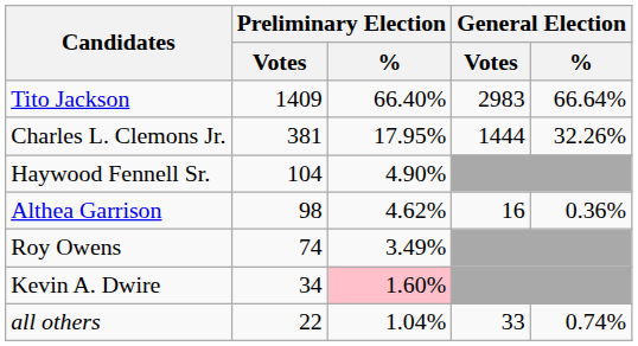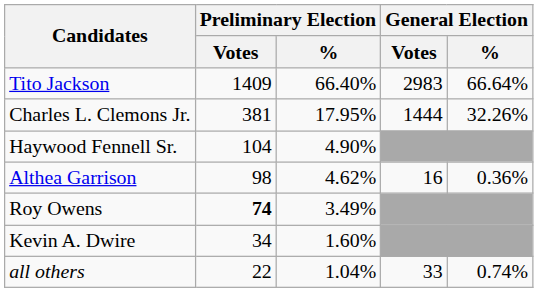 <table class=wikitable>
 <tr>
 <th colspan=1 rowspan=2><strong>Candidates</strong></th>
 <th colspan=2><strong>Preliminary Election</strong></th>
 <th colspan=2><strong>General Election</strong></th>
 </tr>
 <tr>
 <th>Votes</th>
 <th>%</th>
 <th>Votes</th>
 <th>%</th>
 </tr>
 <tr>
 <td><a href='#'>Tito Jackson</a></td>
 <td align="right">1409</td>
 <td align="right">66.40%</td>
 <td align="right">2983</td>
 <td align="right">66.64%</td>
 </tr>
 <tr>
 <td>Charles L. Clemons Jr.</td>
 <td align="right">381</td>
 <td align="right">17.95%</td>
 <td align="right">1444</td>
 <td align="right">32.26%</td>
 </tr>
 <tr>
 <td>Haywood Fennell Sr.</td>
 <td align="right">104</td>
 <td align="right">4.90%</td>
 <td colspan=2 bgcolor=darkgray> </td>
 </tr>
 <tr>
 <td><a href='#'>Althea Garrison</a></td>
 <td align="right">98</td>
 <td align="right">4.62%</td>
 <td align="right">16</td>
 <td align="right">0.36%</td>
 </tr>
 <tr>
 <td>Roy Owens</td>
-<td align="right">74</td>
+<td align="right"><strong>74</strong></td>
 <td align="right">3.49%</td>
 <td colspan=2 bgcolor=darkgray> </td>
 </tr>
 <tr>
 <td>Kevin A. Dwire</td>
 <td align="right">34</td>
-<td align="right" style="background: pink;">1.60%</td>
+<td align="right">1.60%</td>
 <td colspan=2 bgcolor=darkgray> </td>
 </tr>
 <tr>
 <td><em>all others</em></td>
 <td align="right">22</td>
 <td align="right">1.04%</td>
 <td align="right">33</td>
 <td align="right">0.74%</td>
 </tr>
 </table>
